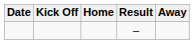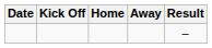 <table class="wikitable" style="text-align: center">
 <tr>
 <th scope="col">Date</th>
 <th scope="col">Kick Off</th>
 <th scope="col">Home</th>
+<th scope="col">Away</th>
 <th scope="col">Result</th>
-<th scope="col">Away</th>
 </tr>
 <tr>
 <td></td>
 <td></td>
 <td></td>
+<td></td>
 <td>–</td>
-<td></td>
 </tr>
 </table>
